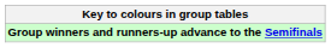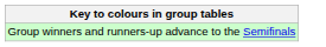 <table class="wikitable">
 <tr>
 <th>Key to colours in group tables</th>
 </tr>
 <tr style="background-color:#ccffcc;">
-<td><strong>Group winners and runners-up advance to the <a href='#'>Semifinals</a></strong></td>
+<td>Group winners and runners-up advance to the <a href='#'>Semifinals</a></td>
 </tr>
 </table>
